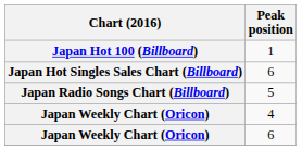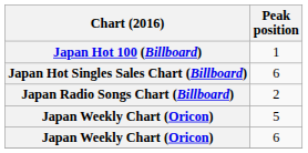 <table class="wikitable plainrowheaders">
 <tr>
 <th>Chart (2016)</th>
 <th>Peak<br>position</th>
 </tr>
 <tr>
 <th scope="row"><a href='#'>Japan Hot 100</a> (<em><a href='#'>Billboard</a></em>)</th>
 <td style="text-align:center;">1</td>
 </tr>
 <tr>
 <th scope="row">Japan Hot Singles Sales Chart (<em><a href='#'>Billboard</a></em>)</th>
 <td style="text-align:center;">6</td>
 </tr>
 <tr>
 <th scope="row">Japan Radio Songs Chart (<em><a href='#'>Billboard</a></em>)</th>
-<td style="text-align:center;">5</td>
+<td style="text-align:center;">2</td>
 </tr>
 <tr>
 <th scope="row">Japan Weekly Chart (<a href='#'>Oricon</a>)</th>
-<td style="text-align:center;">4</td>
+<td style="text-align:center;">5</td>
 </tr>
 <tr>
 <th scope="row">Japan Weekly Chart (<a href='#'>Oricon</a>)</th>
 <td style="text-align:center;">6</td>
 </tr>
 <tr>
 </tr>
 </table>
